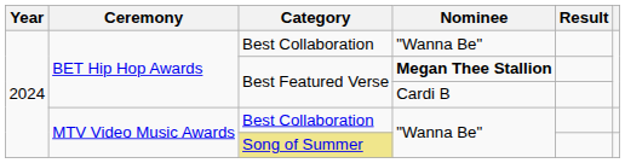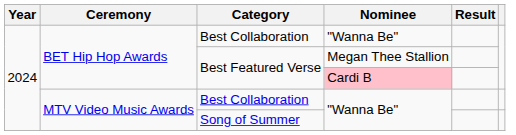 <table class="wikitable sortable plainrowheaders">
 <tr>
 <th scope="col">Year</th>
 <th scope="col">Ceremony</th>
 <th scope="col">Category</th>
 <th scope="col">Nominee</th>
 <th scope="col">Result</th>
 <th scope="col" class="unsortable"></th>
 </tr>
 <tr>
 <td rowspan="5">2024</td>
 <td rowspan="3"><a href='#'>BET Hip Hop Awards</a></td>
 <td>Best Collaboration</td>
 <td>"Wanna Be"</td>
 <td></td>
 <td style="text-align:center" rowspan="3"></td>
 </tr>
 <tr>
 <td rowspan="2">Best Featured Verse</td>
-<td><strong>Megan Thee Stallion</strong></td>
+<td>Megan Thee Stallion</td>
 <td></td>
 </tr>
 <tr>
-<td>Cardi B </td>
+<td style="background: pink;">Cardi B </td>
 <td></td>
 </tr>
 <tr>
 <td rowspan="2"><a href='#'>MTV Video Music Awards</a></td>
 <td><a href='#'>Best Collaboration</a></td>
 <td rowspan="2">"Wanna Be"</td>
 <td></td>
 <td style="text-align:center;"></td>
 </tr>
 <tr>
-<td style="background: khaki;"><a href='#'>Song of Summer</a></td>
+<td><a href='#'>Song of Summer</a></td>
 <td></td>
 <td style="text-align:center;"></td>
 </tr>
 </table>
